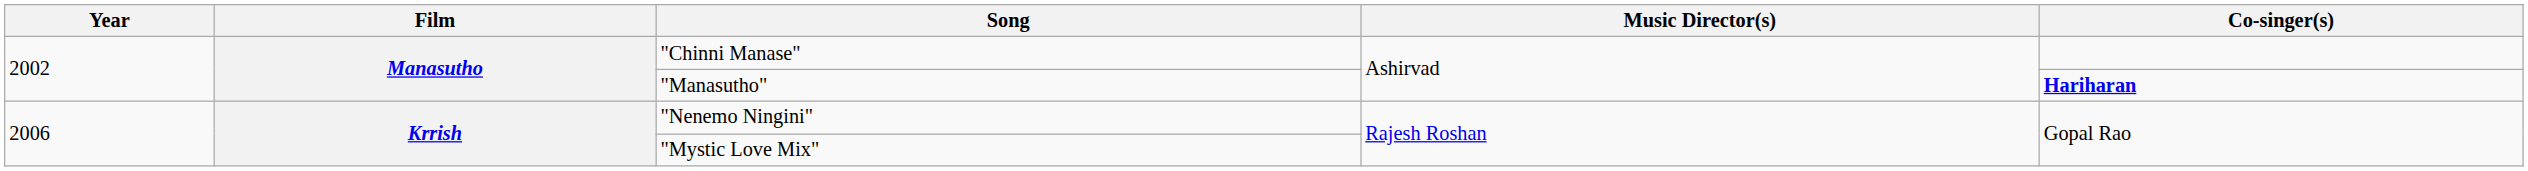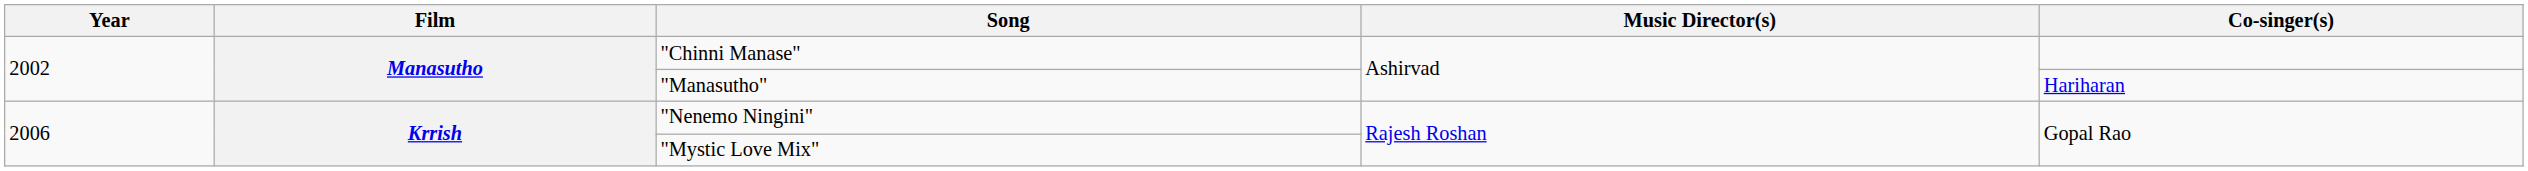 <table class="wikitable sortable" style="width:100%;">
 <tr>
 <th>Year</th>
 <th>Film</th>
 <th>Song</th>
 <th>Music Director(s)</th>
 <th>Co-singer(s)</th>
 </tr>
 <tr>
 <td rowspan="2">2002</td>
 <th rowspan="2"><em><a href='#'>Manasutho</a></em></th>
 <td>"Chinni Manase"</td>
 <td rowspan="2">Ashirvad</td>
 <td></td>
 </tr>
 <tr>
 <td>"Manasutho"</td>
-<td><strong><a href='#'>Hariharan</a></strong></td>
+<td><a href='#'>Hariharan</a></td>
 </tr>
 <tr>
 <td rowspan="2">2006</td>
 <th rowspan="2"><em><a href='#'>Krrish</a></em></th>
 <td>"Nenemo Ningini"</td>
 <td rowspan="2"><a href='#'>Rajesh Roshan</a></td>
 <td rowspan="2">Gopal Rao</td>
 </tr>
 <tr>
 <td>"Mystic Love Mix"</td>
 </tr>
 </table>
